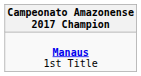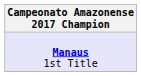 <table class="wikitable" style="text-align: center; margin: 0 auto;">
 <tr>
 <th>Campeonato Amazonense<br>2017 Champion</th>
 </tr>
 <tr>
-<td><br><strong><a href='#'>Manaus</a></strong><br>1st Title</td>
+<td style="background: lavender;"><br><strong><a href='#'>Manaus</a></strong><br>1st Title</td>
 </tr>
 </table>
